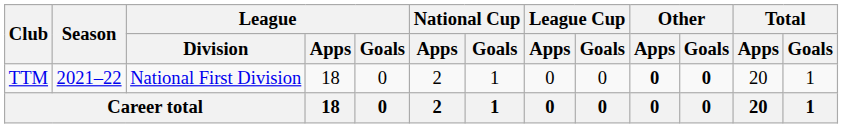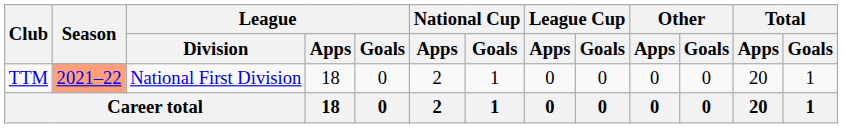 <table class="wikitable" style="text-align: center">
 <tr>
 <th rowspan="2">Club</th>
 <th rowspan="2">Season</th>
 <th colspan="3">League</th>
 <th colspan="2">National Cup</th>
 <th colspan="2">League Cup</th>
 <th colspan="2">Other</th>
 <th colspan="2">Total</th>
 </tr>
 <tr>
 <th>Division</th>
 <th>Apps</th>
 <th>Goals</th>
 <th>Apps</th>
 <th>Goals</th>
 <th>Apps</th>
 <th>Goals</th>
 <th>Apps</th>
 <th>Goals</th>
 <th>Apps</th>
 <th>Goals</th>
 </tr>
 <tr>
 <td><a href='#'>TTM</a></td>
-<td><a href='#'>2021–22</a></td>
+<td style="background: lightsalmon;"><a href='#'>2021–22</a></td>
 <td><a href='#'>National First Division</a></td>
 <td>18</td>
 <td>0</td>
 <td>2</td>
 <td>1</td>
 <td>0</td>
 <td>0</td>
-<td><strong>0</strong></td>
-<td><strong>0</strong></td>
+<td>0</td>
+<td>0</td>
 <td>20</td>
 <td>1</td>
 </tr>
 <tr>
 <th colspan=3>Career total</th>
 <th>18</th>
 <th>0</th>
 <th>2</th>
 <th>1</th>
 <th>0</th>
 <th>0</th>
 <th>0</th>
 <th>0</th>
 <th>20</th>
 <th>1</th>
 </tr>
 </table>
